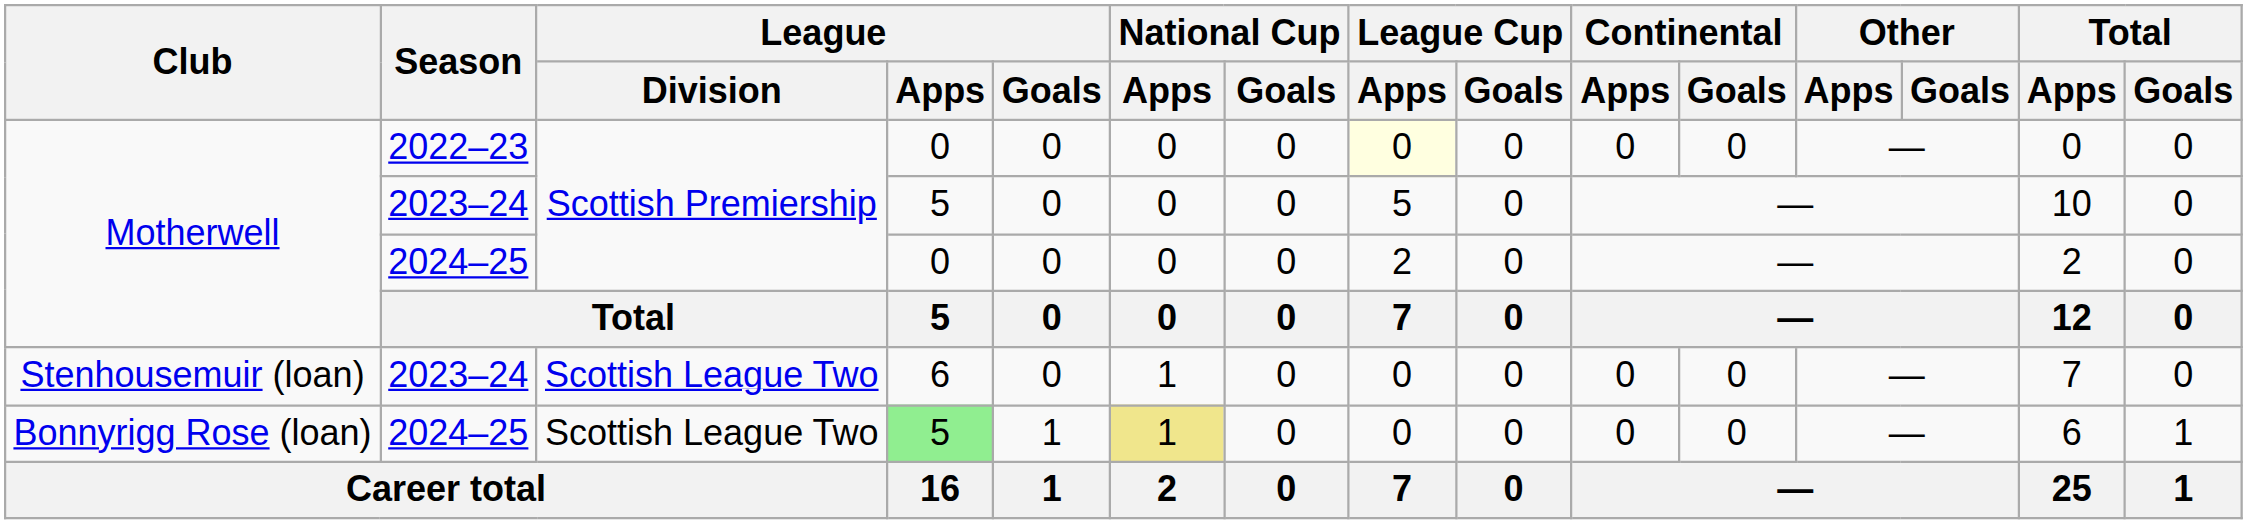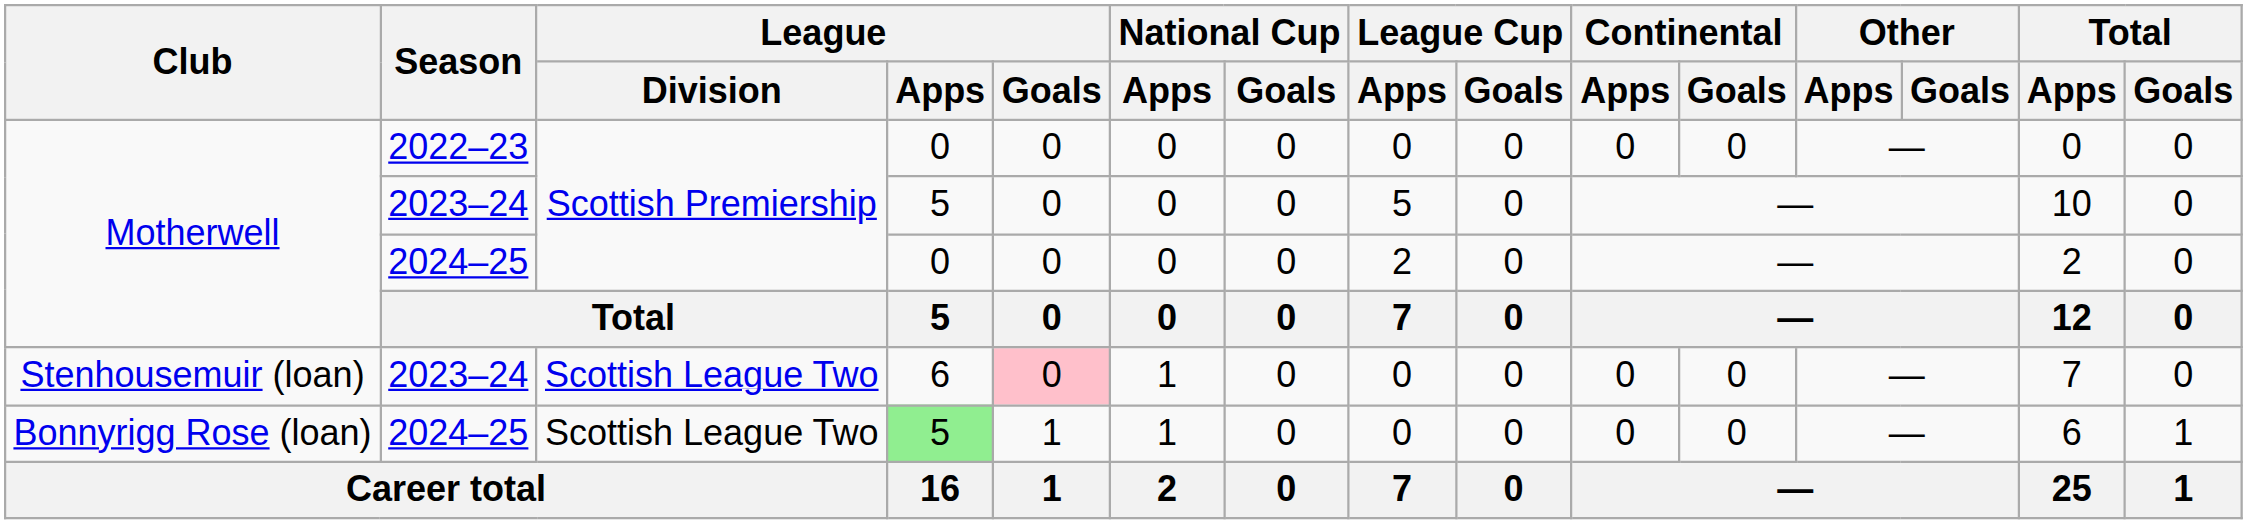 <table class="wikitable" style="text-align:center">
 <tr>
 <th rowspan="2">Club</th>
 <th rowspan="2">Season</th>
 <th colspan="3">League</th>
 <th colspan="2">National Cup</th>
 <th colspan="2">League Cup </th>
 <th colspan="2">Continental</th>
 <th colspan="2">Other</th>
 <th colspan="2">Total</th>
 </tr>
 <tr>
 <th>Division</th>
 <th>Apps</th>
 <th>Goals</th>
 <th>Apps</th>
 <th>Goals</th>
 <th>Apps</th>
 <th>Goals</th>
 <th>Apps</th>
 <th>Goals</th>
 <th>Apps</th>
 <th>Goals</th>
 <th>Apps</th>
 <th>Goals</th>
 </tr>
 <tr>
 <td rowspan="4"><a href='#'>Motherwell</a></td>
 <td><a href='#'>2022–23</a></td>
 <td rowspan="3"><a href='#'>Scottish Premiership</a></td>
 <td>0</td>
 <td>0</td>
 <td>0</td>
 <td>0</td>
-<td style="background: lightyellow;">0</td>
+<td>0</td>
 <td>0</td>
 <td>0</td>
 <td>0</td>
 <td colspan="2">—</td>
 <td>0</td>
 <td>0</td>
 </tr>
 <tr>
 <td><a href='#'>2023–24</a></td>
 <td>5</td>
 <td>0</td>
 <td>0</td>
 <td>0</td>
 <td>5</td>
 <td>0</td>
 <td colspan="4">—</td>
 <td>10</td>
 <td>0</td>
 </tr>
 <tr>
 <td><a href='#'>2024–25</a></td>
 <td>0</td>
 <td>0</td>
 <td>0</td>
 <td>0</td>
 <td>2</td>
 <td>0</td>
 <td colspan="4">—</td>
 <td>2</td>
 <td>0</td>
 </tr>
 <tr>
 <th colspan="2">Total</th>
 <th>5</th>
 <th>0</th>
 <th>0</th>
 <th>0</th>
 <th>7</th>
 <th>0</th>
 <th colspan="4">—</th>
 <th>12</th>
 <th>0</th>
 </tr>
 <tr>
 <td><a href='#'>Stenhousemuir</a> (loan)</td>
 <td><a href='#'>2023–24</a></td>
 <td><a href='#'>Scottish League Two</a></td>
 <td>6</td>
-<td>0</td>
+<td style="background: pink;">0</td>
 <td>1</td>
 <td>0</td>
 <td>0</td>
 <td>0</td>
 <td>0</td>
 <td>0</td>
 <td colspan="2">—</td>
 <td>7</td>
 <td>0</td>
 </tr>
 <tr>
 <td><a href='#'>Bonnyrigg Rose</a> (loan)</td>
 <td><a href='#'>2024–25</a></td>
 <td>Scottish League Two</td>
 <td style="background: lightgreen;">5</td>
 <td>1</td>
-<td style="background: khaki;">1</td>
+<td>1</td>
 <td>0</td>
 <td>0</td>
 <td>0</td>
 <td>0</td>
 <td>0</td>
 <td colspan="2">—</td>
 <td>6</td>
 <td>1</td>
 </tr>
 <tr>
 <th colspan="3">Career total</th>
 <th>16</th>
 <th>1</th>
 <th>2</th>
 <th>0</th>
 <th>7</th>
 <th>0</th>
 <th colspan="4">—</th>
 <th>25</th>
 <th>1</th>
 </tr>
 </table>
